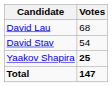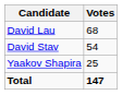 <table class="wikitable">
 <tr>
 <th>Candidate</th>
 <th>Votes</th>
 </tr>
 <tr>
 <td><a href='#'>David Lau</a></td>
 <td>68</td>
 </tr>
 <tr>
 <td><a href='#'>David Stav</a></td>
 <td>54</td>
 </tr>
 <tr>
 <td><a href='#'>Yaakov Shapira</a></td>
-<td><strong>25</strong></td>
+<td>25</td>
 </tr>
 <tr>
 <td><strong>Total</strong></td>
 <td><strong>147</strong></td>
 </tr>
 </table>
